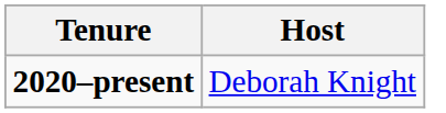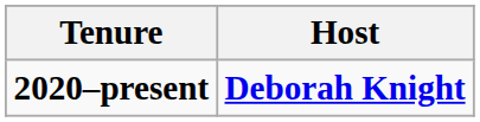 <table class="wikitable">
 <tr>
 <th>Tenure</th>
 <th>Host</th>
 </tr>
 <tr>
 <td><strong>2020–present</strong></td>
-<td><a href='#'>Deborah Knight</a></td>
+<td><strong><a href='#'>Deborah Knight</a></strong></td>
 </tr>
 </table>
